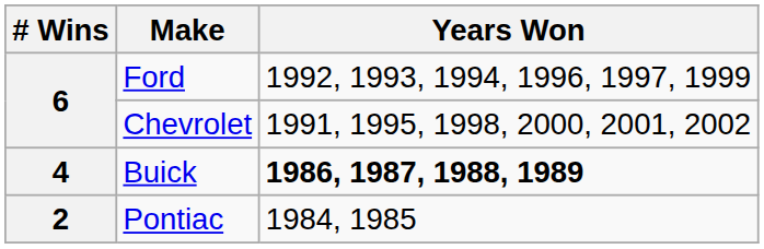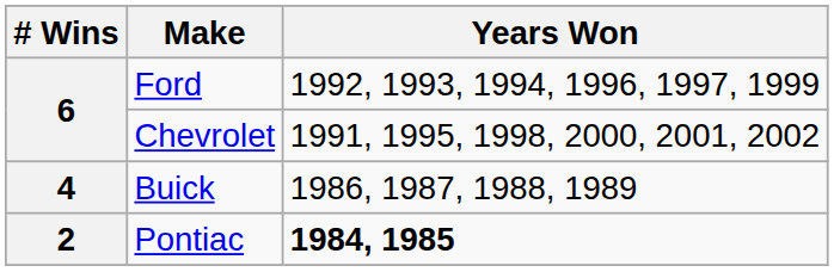 <table class="wikitable" style="font-size: 95%;">
 <tr>
 <th># Wins</th>
 <th>Make</th>
 <th>Years Won</th>
 </tr>
 <tr>
 <th rowspan="2">6</th>
 <td> <a href='#'>Ford</a></td>
 <td>1992, 1993, 1994, 1996, 1997, 1999</td>
 </tr>
 <tr>
 <td> <a href='#'>Chevrolet</a></td>
 <td>1991, 1995, 1998, 2000, 2001, 2002</td>
 </tr>
 <tr>
 <th>4</th>
 <td> <a href='#'>Buick</a></td>
-<td><strong>1986, 1987, 1988, 1989</strong></td>
+<td>1986, 1987, 1988, 1989</td>
 </tr>
 <tr>
 <th>2</th>
 <td> <a href='#'>Pontiac</a></td>
-<td>1984, 1985</td>
+<td><strong>1984, 1985</strong></td>
 </tr>
 </table>
